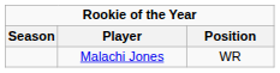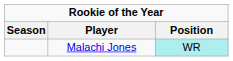 <table class="wikitable sortable" style="text-align:center">
 <tr>
 <td colspan="4"><strong>Rookie of the Year</strong></td>
 </tr>
 <tr>
 <th style="width:50px; ">Season</th>
 <th style="width:150px; ">Player</th>
 <th style="width:100px; ">Position</th>
 </tr>
 <tr>
 <td></td>
 <td><a href='#'>Malachi Jones</a></td>
-<td>WR</td>
+<td style="background: paleturquoise;">WR</td>
 </tr>
 </table>
